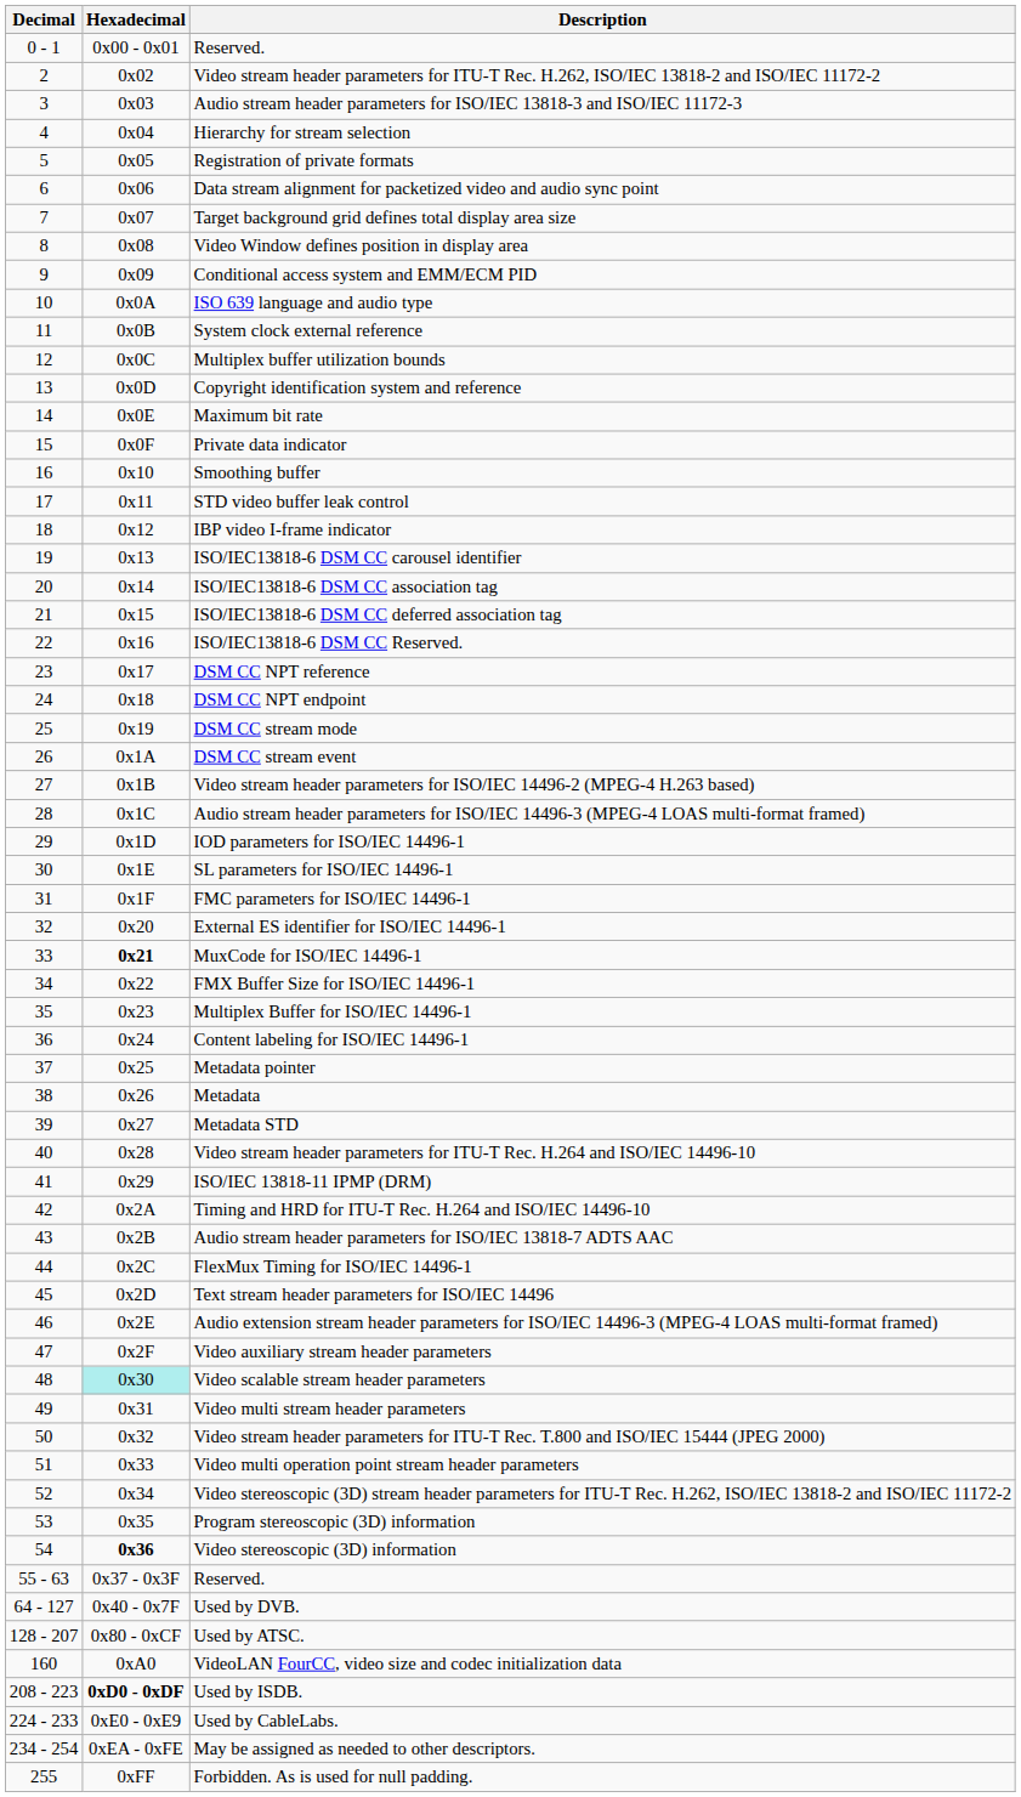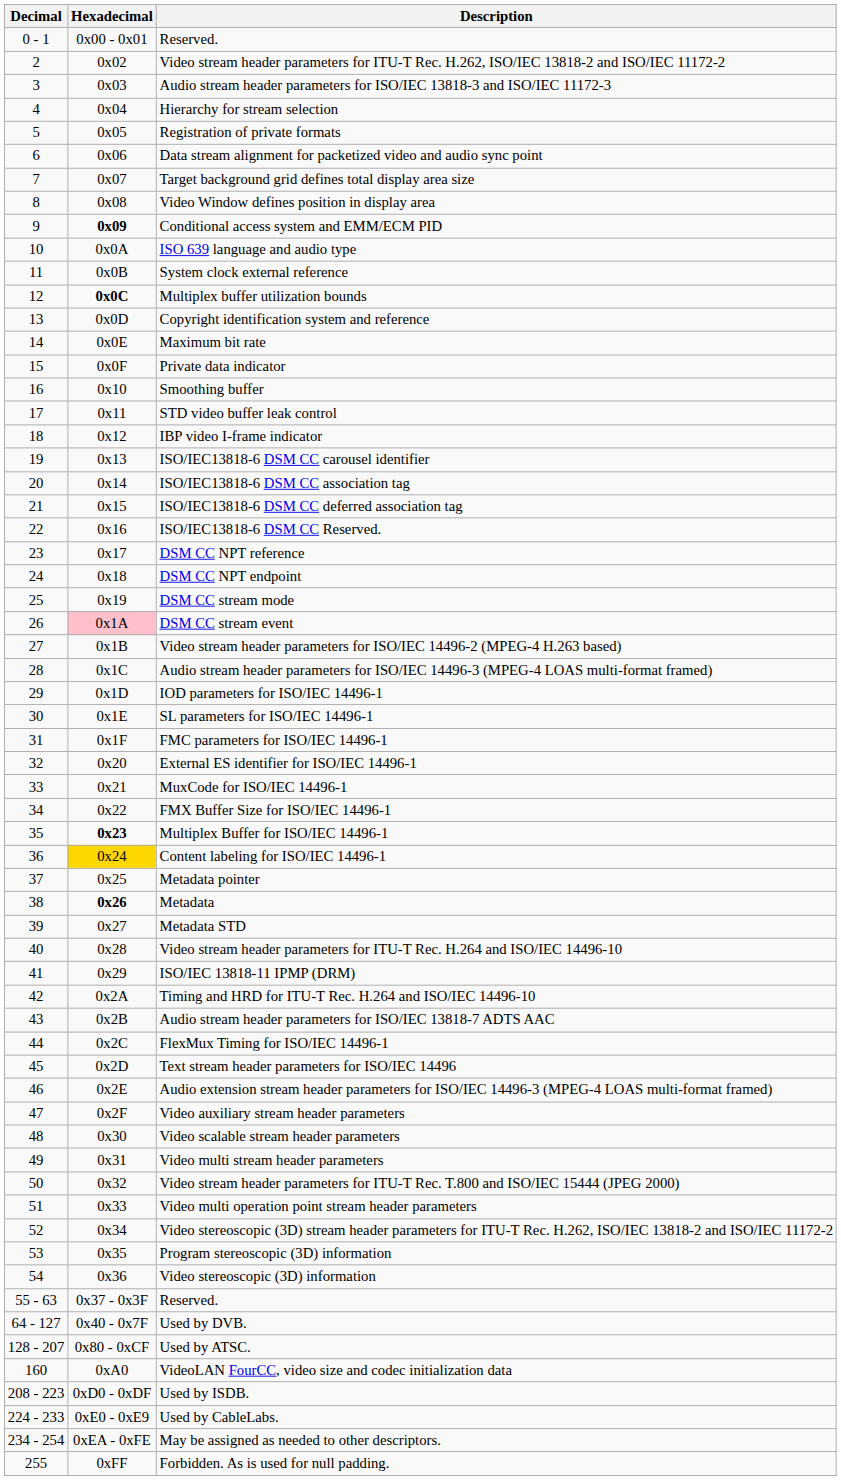 <table class="wikitable">
 <tr>
 <th>Decimal</th>
 <th>Hexadecimal</th>
 <th>Description</th>
 </tr>
 <tr>
 <td align=center>0 - 1</td>
 <td align=center>0x00 - 0x01</td>
 <td>Reserved.</td>
 </tr>
 <tr>
 <td align=center>2</td>
 <td align=center>0x02</td>
 <td>Video stream header parameters for ITU-T Rec. H.262, ISO/IEC 13818-2 and ISO/IEC 11172-2</td>
 </tr>
 <tr>
 <td align=center>3</td>
 <td align=center>0x03</td>
 <td>Audio stream header parameters for ISO/IEC 13818-3 and ISO/IEC 11172-3</td>
 </tr>
 <tr>
 <td align=center>4</td>
 <td align=center>0x04</td>
 <td>Hierarchy for stream selection</td>
 </tr>
 <tr>
 <td align=center>5</td>
 <td align=center>0x05</td>
 <td>Registration of private formats</td>
 </tr>
 <tr>
 <td align=center>6</td>
 <td align=center>0x06</td>
 <td>Data stream alignment for packetized video and audio sync point</td>
 </tr>
 <tr>
 <td align=center>7</td>
 <td align=center>0x07</td>
 <td>Target background grid defines total display area size</td>
 </tr>
 <tr>
 <td align=center>8</td>
 <td align=center>0x08</td>
 <td>Video Window defines position in display area</td>
 </tr>
 <tr>
 <td align=center>9</td>
-<td align=center>0x09</td>
+<td align=center><strong>0x09</strong></td>
 <td>Conditional access system and EMM/ECM PID</td>
 </tr>
 <tr>
 <td align=center>10</td>
 <td align=center>0x0A</td>
 <td><a href='#'>ISO 639</a> language and audio type</td>
 </tr>
 <tr>
 <td align=center>11</td>
 <td align=center>0x0B</td>
 <td>System clock external reference</td>
 </tr>
 <tr>
 <td align=center>12</td>
-<td align=center>0x0C</td>
+<td align=center><strong>0x0C</strong></td>
 <td>Multiplex buffer utilization bounds</td>
 </tr>
 <tr>
 <td align=center>13</td>
 <td align=center>0x0D</td>
 <td>Copyright identification system and reference</td>
 </tr>
 <tr>
 <td align=center>14</td>
 <td align=center>0x0E</td>
 <td>Maximum bit rate</td>
 </tr>
 <tr>
 <td align=center>15</td>
 <td align=center>0x0F</td>
 <td>Private data indicator</td>
 </tr>
 <tr>
 <td align=center>16</td>
 <td align=center>0x10</td>
 <td>Smoothing buffer</td>
 </tr>
 <tr>
 <td align=center>17</td>
 <td align=center>0x11</td>
 <td>STD video buffer leak control</td>
 </tr>
 <tr>
 <td align=center>18</td>
 <td align=center>0x12</td>
 <td>IBP video I-frame indicator</td>
 </tr>
 <tr>
 <td align=center>19</td>
 <td align=center>0x13</td>
 <td>ISO/IEC13818-6 <a href='#'>DSM CC</a> carousel identifier</td>
 </tr>
 <tr>
 <td align=center>20</td>
 <td align=center>0x14</td>
 <td>ISO/IEC13818-6 <a href='#'>DSM CC</a> association tag</td>
 </tr>
 <tr>
 <td align=center>21</td>
 <td align=center>0x15</td>
 <td>ISO/IEC13818-6 <a href='#'>DSM CC</a> deferred association tag</td>
 </tr>
 <tr>
 <td align=center>22</td>
 <td align=center>0x16</td>
 <td>ISO/IEC13818-6  <a href='#'>DSM CC</a> Reserved.</td>
 </tr>
 <tr>
 <td align=center>23</td>
 <td align=center>0x17</td>
 <td><a href='#'>DSM CC</a> NPT reference</td>
 </tr>
 <tr>
 <td align=center>24</td>
 <td align=center>0x18</td>
 <td><a href='#'>DSM CC</a> NPT endpoint</td>
 </tr>
 <tr>
 <td align=center>25</td>
 <td align=center>0x19</td>
 <td><a href='#'>DSM CC</a> stream mode</td>
 </tr>
 <tr>
 <td align=center>26</td>
-<td align=center>0x1A</td>
+<td align=center style="background: pink;">0x1A</td>
 <td><a href='#'>DSM CC</a> stream event</td>
 </tr>
 <tr>
 <td align=center>27</td>
 <td align=center>0x1B</td>
 <td>Video stream header parameters for ISO/IEC 14496-2 (MPEG-4 H.263 based)</td>
 </tr>
 <tr>
 <td align=center>28</td>
 <td align=center>0x1C</td>
 <td>Audio stream header parameters for ISO/IEC 14496-3 (MPEG-4 LOAS multi-format framed)</td>
 </tr>
 <tr>
 <td align=center>29</td>
 <td align=center>0x1D</td>
 <td>IOD parameters for ISO/IEC 14496-1</td>
 </tr>
 <tr>
 <td align=center>30</td>
 <td align=center>0x1E</td>
 <td>SL parameters for ISO/IEC 14496-1</td>
 </tr>
 <tr>
 <td align=center>31</td>
 <td align=center>0x1F</td>
 <td>FMC parameters for ISO/IEC 14496-1</td>
 </tr>
 <tr>
 <td align=center>32</td>
 <td align=center>0x20</td>
 <td>External ES identifier for ISO/IEC 14496-1</td>
 </tr>
 <tr>
 <td align=center>33</td>
-<td align=center><strong>0x21</strong></td>
+<td align=center>0x21</td>
 <td>MuxCode for ISO/IEC 14496-1</td>
 </tr>
 <tr>
 <td align=center>34</td>
 <td align=center>0x22</td>
 <td>FMX Buffer Size for ISO/IEC 14496-1</td>
 </tr>
 <tr>
 <td align=center>35</td>
-<td align=center>0x23</td>
+<td align=center><strong>0x23</strong></td>
 <td>Multiplex Buffer for ISO/IEC 14496-1</td>
 </tr>
 <tr>
 <td align=center>36</td>
-<td align=center>0x24</td>
+<td align=center style="background: gold;">0x24</td>
 <td>Content labeling for ISO/IEC 14496-1</td>
 </tr>
 <tr>
 <td align=center>37</td>
 <td align=center>0x25</td>
 <td>Metadata pointer</td>
 </tr>
 <tr>
 <td align=center>38</td>
-<td align=center>0x26</td>
+<td align=center><strong>0x26</strong></td>
 <td>Metadata</td>
 </tr>
 <tr>
 <td align=center>39</td>
 <td align=center>0x27</td>
 <td>Metadata STD</td>
 </tr>
 <tr>
 <td align=center>40</td>
 <td align=center>0x28</td>
 <td>Video stream header parameters for ITU-T Rec. H.264 and ISO/IEC 14496-10</td>
 </tr>
 <tr>
 <td align=center>41</td>
 <td align=center>0x29</td>
 <td>ISO/IEC 13818-11 IPMP (DRM)</td>
 </tr>
 <tr>
 <td align=center>42</td>
 <td align=center>0x2A</td>
 <td>Timing and HRD for ITU-T Rec. H.264 and ISO/IEC 14496-10</td>
 </tr>
 <tr>
 <td align=center>43</td>
 <td align=center>0x2B</td>
 <td>Audio stream header parameters for ISO/IEC 13818-7 ADTS AAC</td>
 </tr>
 <tr>
 <td align=center>44</td>
 <td align=center>0x2C</td>
 <td>FlexMux Timing for ISO/IEC 14496-1</td>
 </tr>
 <tr>
 <td align=center>45</td>
 <td align=center>0x2D</td>
 <td>Text stream header parameters for ISO/IEC 14496</td>
 </tr>
 <tr>
 <td align=center>46</td>
 <td align=center>0x2E</td>
 <td>Audio extension stream header parameters for ISO/IEC 14496-3 (MPEG-4 LOAS multi-format framed)</td>
 </tr>
 <tr>
 <td align=center>47</td>
 <td align=center>0x2F</td>
 <td>Video auxiliary stream header parameters</td>
 </tr>
 <tr>
 <td align=center>48</td>
-<td align=center style="background: paleturquoise;">0x30</td>
+<td align=center>0x30</td>
 <td>Video scalable stream header parameters</td>
 </tr>
 <tr>
 <td align=center>49</td>
 <td align=center>0x31</td>
 <td>Video multi stream header parameters</td>
 </tr>
 <tr>
 <td align=center>50</td>
 <td align=center>0x32</td>
 <td>Video stream header parameters for ITU-T Rec. T.800 and ISO/IEC 15444 (JPEG 2000)</td>
 </tr>
 <tr>
 <td align=center>51</td>
 <td align=center>0x33</td>
 <td>Video multi operation point stream header parameters</td>
 </tr>
 <tr>
 <td align=center>52</td>
 <td align=center>0x34</td>
 <td>Video stereoscopic (3D) stream header parameters for ITU-T Rec. H.262, ISO/IEC 13818-2 and ISO/IEC 11172-2</td>
 </tr>
 <tr>
 <td align=center>53</td>
 <td align=center>0x35</td>
 <td>Program stereoscopic (3D) information</td>
 </tr>
 <tr>
 <td align=center>54</td>
-<td align=center><strong>0x36</strong></td>
+<td align=center>0x36</td>
 <td>Video stereoscopic (3D) information</td>
 </tr>
 <tr>
 <td align=center>55 - 63</td>
 <td align=center>0x37 - 0x3F</td>
 <td>Reserved.</td>
 </tr>
 <tr>
 <td align=center>64 - 127</td>
 <td align=center>0x40 - 0x7F</td>
 <td>Used by DVB.</td>
 </tr>
 <tr>
 <td align=center>128 - 207</td>
 <td align=center>0x80 - 0xCF</td>
 <td>Used by ATSC.</td>
 </tr>
 <tr>
 <td align=center>160</td>
 <td align=center>0xA0</td>
 <td>VideoLAN <a href='#'>FourCC</a>, video size and codec initialization data</td>
 </tr>
 <tr>
 <td align=center>208 - 223</td>
-<td align=center><strong>0xD0 - 0xDF</strong></td>
+<td align=center>0xD0 - 0xDF</td>
 <td>Used by ISDB.</td>
 </tr>
 <tr>
 <td align=center>224 - 233</td>
 <td align=center>0xE0 - 0xE9</td>
 <td>Used by CableLabs.</td>
 </tr>
 <tr>
 <td align=center>234 - 254</td>
 <td align=center>0xEA - 0xFE</td>
 <td>May be assigned as needed to other descriptors.</td>
 </tr>
 <tr>
 <td align=center>255</td>
 <td align=center>0xFF</td>
 <td>Forbidden. As is used for null padding.</td>
 </tr>
 </table>
